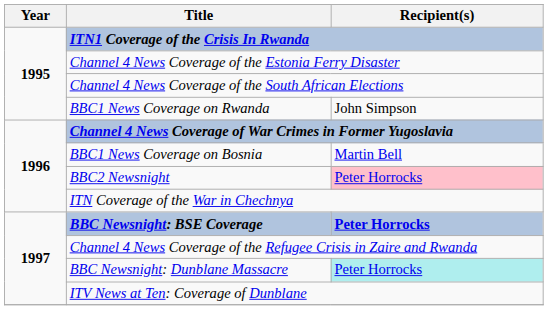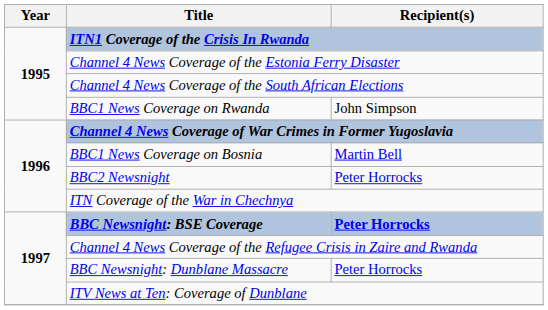 <table class="wikitable" width="95%">
 <tr>
 <th width=5%>Year</th>
 <th width=25%><strong>Title</strong></th>
 <th width=20%><strong>Recipient(s)</strong></th>
 </tr>
 <tr>
 <td rowspan="4" style="text-align:center;"><strong>1995</strong></td>
 <td colspan="2" style="background:#B0C4DE;"><strong><em><a href='#'>ITN1</a> Coverage of the <a href='#'>Crisis In Rwanda</a></em></strong></td>
 </tr>
 <tr>
 <td colspan="2"><em><a href='#'>Channel 4 News</a> Coverage of the <a href='#'>Estonia Ferry Disaster</a></em></td>
 </tr>
 <tr>
 <td colspan="2"><em><a href='#'>Channel 4 News</a> Coverage of the <a href='#'>South African Elections</a></em></td>
 </tr>
 <tr>
 <td><em><a href='#'>BBC1 News</a> Coverage on Rwanda </em></td>
 <td>John Simpson</td>
 </tr>
 <tr>
 <td rowspan="4" style="text-align:center;"><strong>1996</strong></td>
 <td colspan="2" style="background:#B0C4DE;"><strong><em><a href='#'>Channel 4 News</a> Coverage of War Crimes in Former Yugoslavia</em></strong></td>
 </tr>
 <tr>
 <td><em><a href='#'>BBC1 News</a> Coverage on Bosnia </em></td>
 <td><a href='#'>Martin Bell</a></td>
 </tr>
 <tr>
 <td><em><a href='#'>BBC2 Newsnight</a></em></td>
-<td style="background: pink;"><a href='#'>Peter Horrocks</a></td>
+<td><a href='#'>Peter Horrocks</a></td>
 </tr>
 <tr>
 <td colspan="2"><em><a href='#'>ITN</a> Coverage of the <a href='#'>War in Chechnya</a></em></td>
 </tr>
 <tr>
 <td rowspan="4" style="text-align:center;"><strong>1997</strong></td>
 <td style="background:#B0C4DE;"><strong><em><a href='#'>BBC Newsnight</a>: BSE Coverage</em></strong></td>
 <td style="background:#B0C4DE;"><strong><a href='#'>Peter Horrocks</a></strong></td>
 </tr>
 <tr>
 <td colspan="2"><em><a href='#'>Channel 4 News</a> Coverage of the <a href='#'>Refugee Crisis in Zaire and Rwanda</a></em></td>
 </tr>
 <tr>
 <td><em><a href='#'>BBC Newsnight</a>: <a href='#'>Dunblane Massacre</a></em></td>
-<td style="background: paleturquoise;"><a href='#'>Peter Horrocks</a></td>
+<td><a href='#'>Peter Horrocks</a></td>
 </tr>
 <tr>
 <td colspan="2"><em><a href='#'>ITV News at Ten</a>: Coverage of <a href='#'>Dunblane</a></em></td>
 </tr>
 <tr>
 </tr>
 </table>
